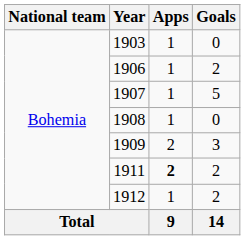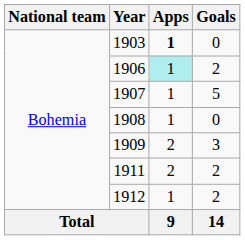 <table class="wikitable" style="text-align:center">
 <tr>
 <th>National team</th>
 <th>Year</th>
 <th>Apps</th>
 <th>Goals</th>
 </tr>
 <tr>
 <td rowspan="7"><a href='#'>Bohemia</a></td>
 <td>1903</td>
-<td>1</td>
+<td><strong>1</strong></td>
 <td>0</td>
 </tr>
 <tr>
 <td>1906</td>
-<td>1</td>
+<td style="background: paleturquoise;">1</td>
 <td>2</td>
 </tr>
 <tr>
 <td>1907</td>
 <td>1</td>
 <td>5</td>
 </tr>
 <tr>
 <td>1908</td>
 <td>1</td>
 <td>0</td>
 </tr>
 <tr>
 <td>1909</td>
 <td>2</td>
 <td>3</td>
 </tr>
 <tr>
 <td>1911</td>
-<td><strong>2</strong></td>
+<td>2</td>
 <td>2</td>
 </tr>
 <tr>
 <td>1912</td>
 <td>1</td>
 <td>2</td>
 </tr>
 <tr>
 <th colspan="2">Total</th>
 <th>9</th>
 <th>14</th>
 </tr>
 </table>
